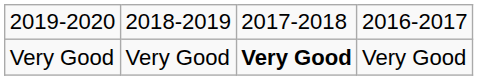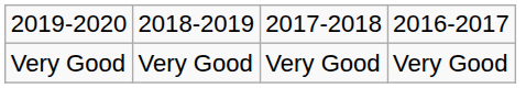 <table class="wikitable">
 <tr>
 <td>2019-2020</td>
 <td>2018-2019</td>
 <td>2017-2018</td>
 <td>2016-2017</td>
 </tr>
 <tr>
 <td>Very Good</td>
 <td>Very Good</td>
-<td><strong>Very Good</strong></td>
+<td>Very Good</td>
 <td>Very Good</td>
 </tr>
 </table>
